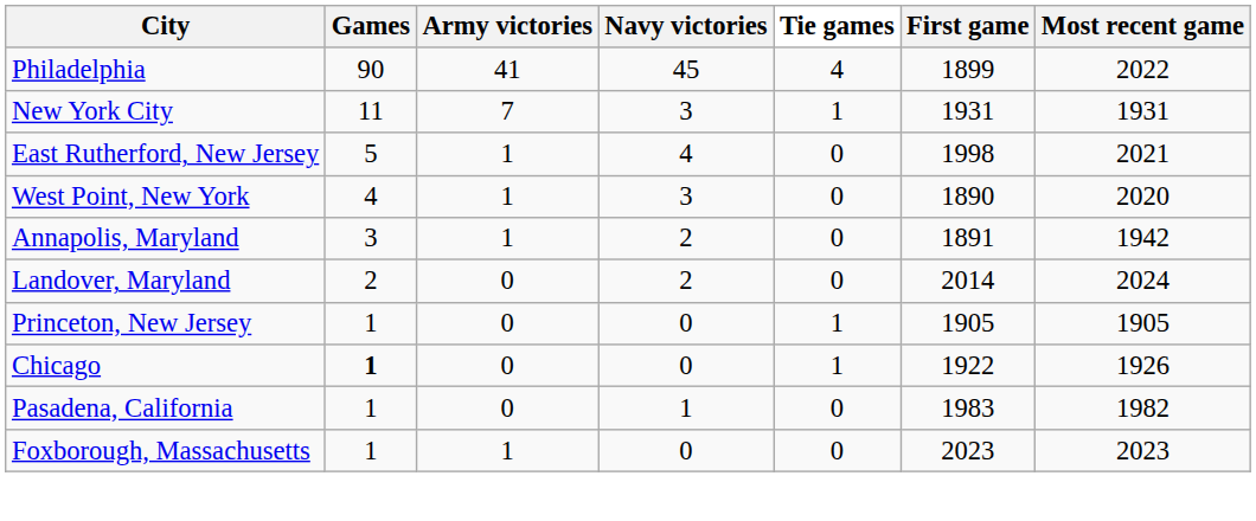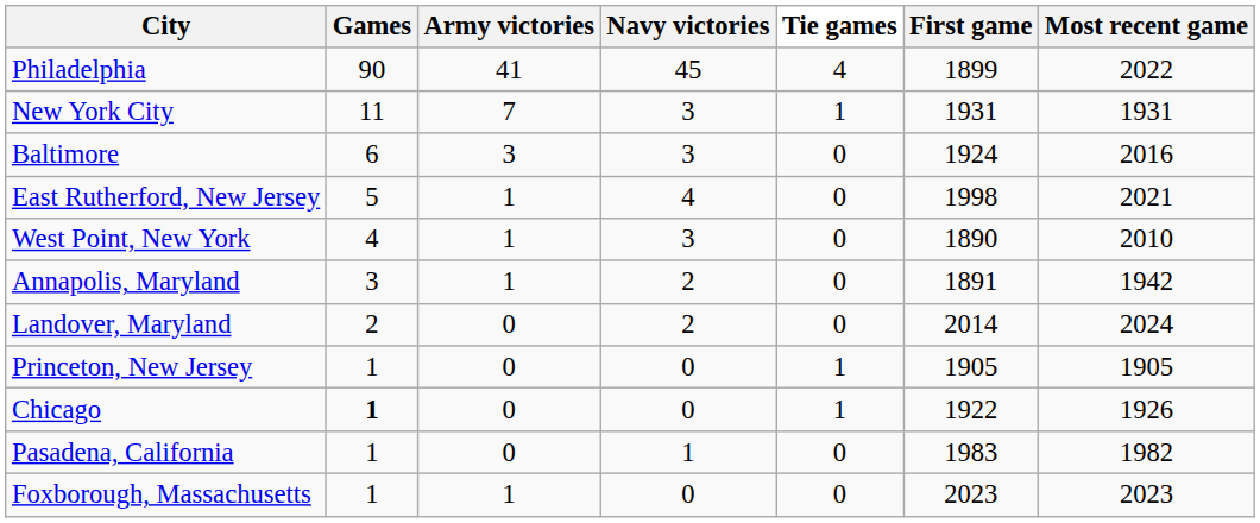 <table class="wikitable sortable">
 <tr>
 <th>City</th>
 <th>Games</th>
 <th>Army victories</th>
 <th>Navy victories</th>
 <th style="text-align:center; background:white; color:black;">Tie games</th>
 <th>First game</th>
 <th>Most recent game</th>
 </tr>
 <tr>
 <td><a href='#'>Philadelphia</a></td>
 <td style="text-align:center;">90</td>
 <td style="text-align:center;">41</td>
 <td style="text-align:center;">45</td>
 <td style="text-align:center;">4</td>
 <td style="text-align:center;">1899</td>
 <td style="text-align:center;">2022</td>
 </tr>
 <tr>
 <td><a href='#'>New York City</a></td>
 <td style="text-align:center;">11</td>
 <td style="text-align:center;">7</td>
 <td style="text-align:center;">3</td>
 <td style="text-align:center;">1</td>
 <td style="text-align:center;">1931</td>
 <td style="text-align:center;">1931</td>
 </tr>
 <tr>
+<td><a href='#'>Baltimore</a></td>
+<td style="text-align:center;">6</td>
+<td style="text-align:center;">3</td>
+<td style="text-align:center;">3</td>
+<td style="text-align:center;">0</td>
+<td style="text-align:center;">1924</td>
+<td style="text-align:center;">2016</td>
+</tr>
+<tr>
 <td><a href='#'>East Rutherford, New Jersey</a></td>
 <td style="text-align:center;">5</td>
 <td style="text-align:center;">1</td>
 <td style="text-align:center;">4</td>
 <td style="text-align:center;">0</td>
 <td style="text-align:center;">1998</td>
 <td style="text-align:center;">2021</td>
 </tr>
 <tr>
 <td><a href='#'>West Point, New York</a></td>
 <td style="text-align:center;">4</td>
 <td style="text-align:center;">1</td>
 <td style="text-align:center;">3</td>
 <td style="text-align:center;">0</td>
 <td style="text-align:center;">1890</td>
-<td style="text-align:center;">2020</td>
+<td style="text-align:center;">2010</td>
 </tr>
 <tr>
 <td><a href='#'>Annapolis, Maryland</a></td>
 <td style="text-align:center;">3</td>
 <td style="text-align:center;">1</td>
 <td style="text-align:center;">2</td>
 <td style="text-align:center;">0</td>
 <td style="text-align:center;">1891</td>
 <td style="text-align:center;">1942</td>
 </tr>
 <tr>
 <td><a href='#'>Landover, Maryland</a></td>
 <td style="text-align:center;">2</td>
 <td style="text-align:center;">0</td>
 <td style="text-align:center;">2</td>
 <td style="text-align:center;">0</td>
 <td style="text-align:center;">2014</td>
 <td style="text-align:center;">2024</td>
 </tr>
 <tr>
 <td><a href='#'>Princeton, New Jersey</a></td>
 <td style="text-align:center;">1</td>
 <td style="text-align:center;">0</td>
 <td style="text-align:center;">0</td>
 <td style="text-align:center;">1</td>
 <td style="text-align:center;">1905</td>
 <td style="text-align:center;">1905</td>
 </tr>
 <tr>
 <td><a href='#'>Chicago</a></td>
 <td style="text-align:center;"><strong>1</strong></td>
 <td style="text-align:center;">0</td>
 <td style="text-align:center;">0</td>
 <td style="text-align:center;">1</td>
 <td style="text-align:center;">1922</td>
 <td style="text-align:center;">1926</td>
 </tr>
 <tr>
 <td><a href='#'>Pasadena, California</a></td>
 <td style="text-align:center;">1</td>
 <td style="text-align:center;">0</td>
 <td style="text-align:center;">1</td>
 <td style="text-align:center;">0</td>
 <td style="text-align:center;">1983</td>
 <td style="text-align:center;">1982</td>
 </tr>
 <tr>
 <td><a href='#'>Foxborough, Massachusetts</a></td>
 <td style="text-align:center;">1</td>
 <td style="text-align:center;">1</td>
 <td style="text-align:center;">0</td>
 <td style="text-align:center;">0</td>
 <td style="text-align:center;">2023</td>
 <td style="text-align:center;">2023</td>
 </tr>
 </table>
